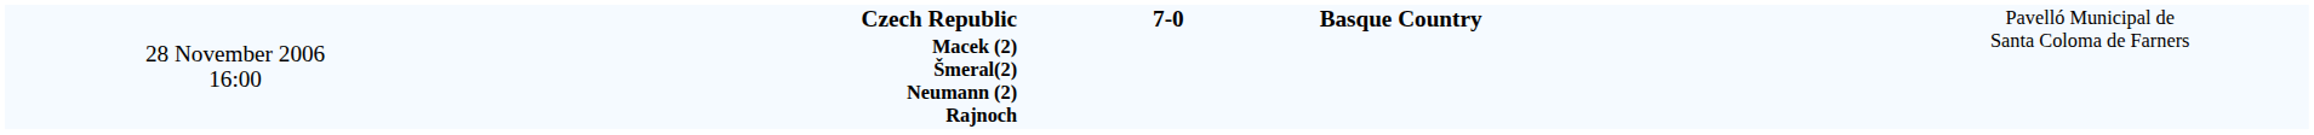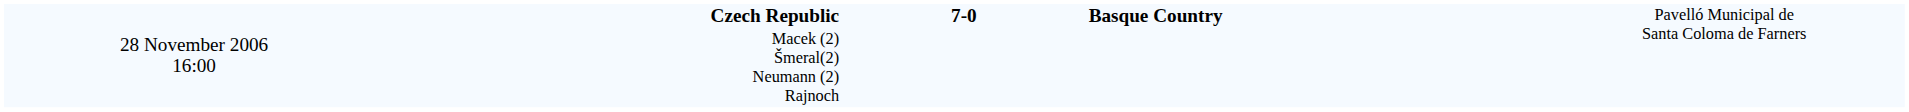 <table style="width: 100%; background:#F5FAFF;" cellspacing="0">
 <tr>
 <td align=center rowspan=3 width=20%>28 November 2006<br>16:00</td>
 </tr>
 <tr>
 <td width=24% align=right><strong>Czech Republic</strong> </td>
 <td align=center width=13%><strong>7-0</strong></td>
 <td width=24%> <strong>Basque Country</strong></td>
 <td style=font-size:85% rowspan=3 valign=top align=center>Pavelló Municipal de <br>Santa Coloma de Farners</td>
 </tr>
 <tr style=font-size:85%>
-<td align=right valign=top><strong>Macek (2)<br>Šmeral(2)<br>Neumann (2)<br>Rajnoch</strong></td>
+<td align=right valign=top>Macek (2)<br>Šmeral(2)<br>Neumann (2)<br>Rajnoch</td>
 <td></td>
 <td></td>
 </tr>
 </table>
